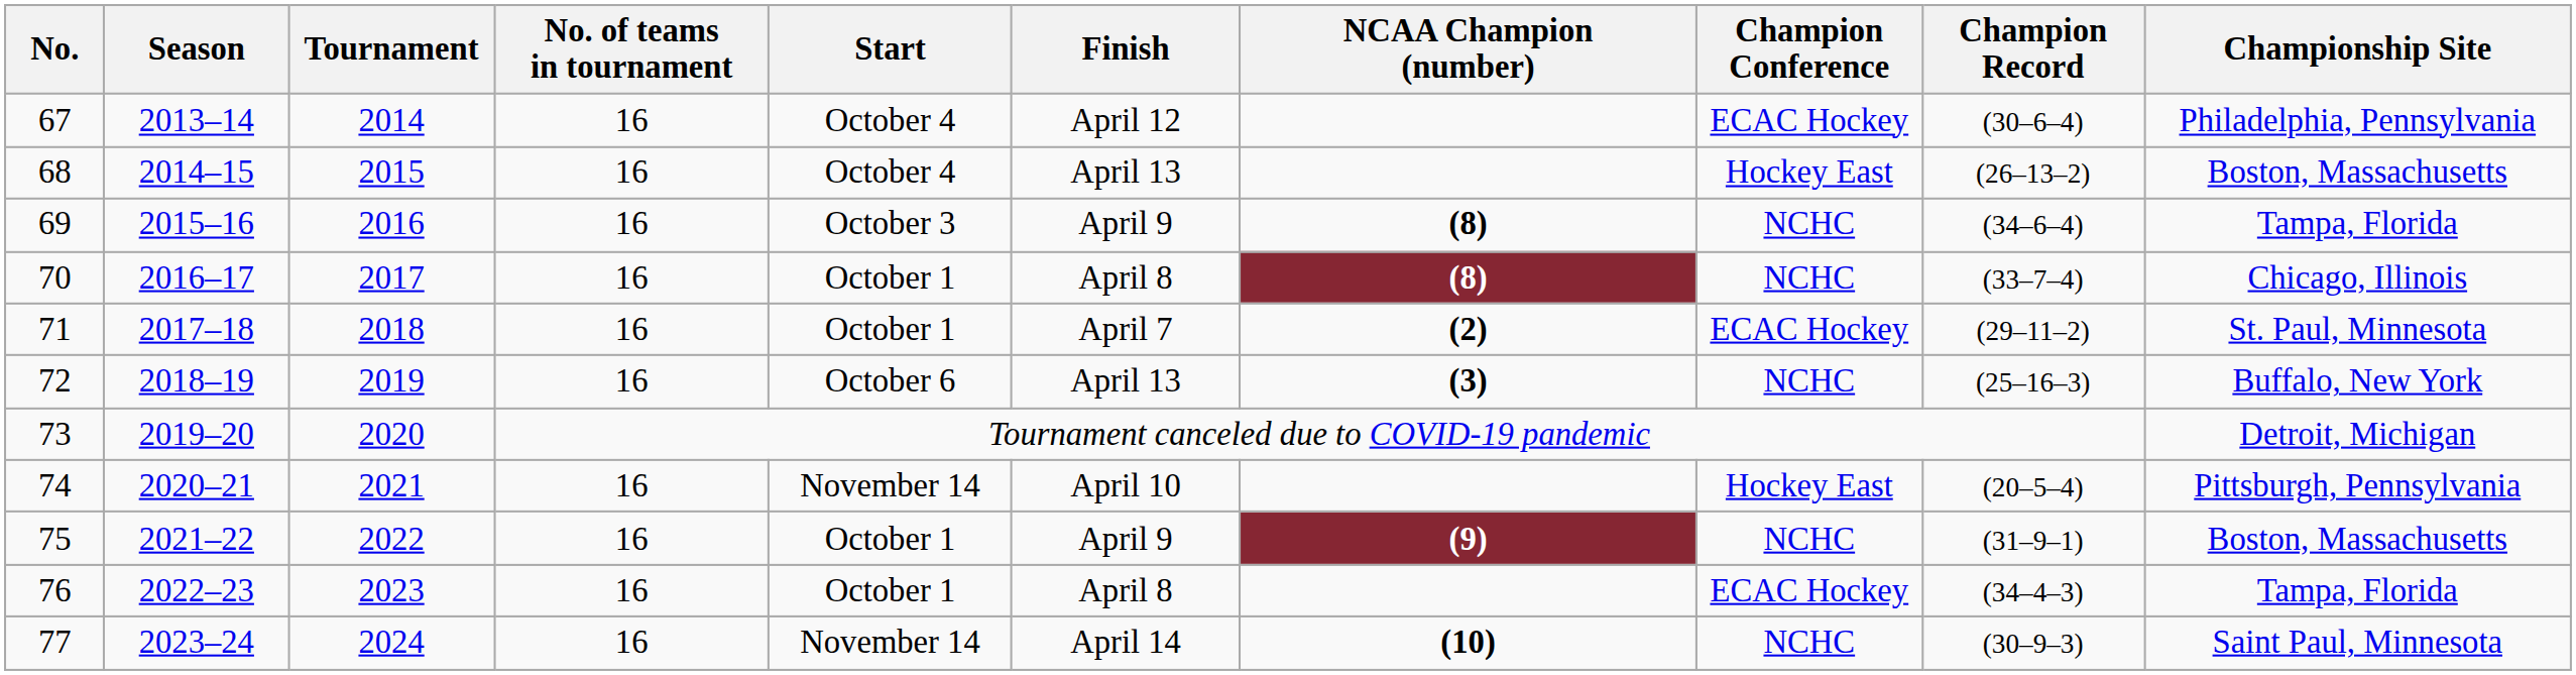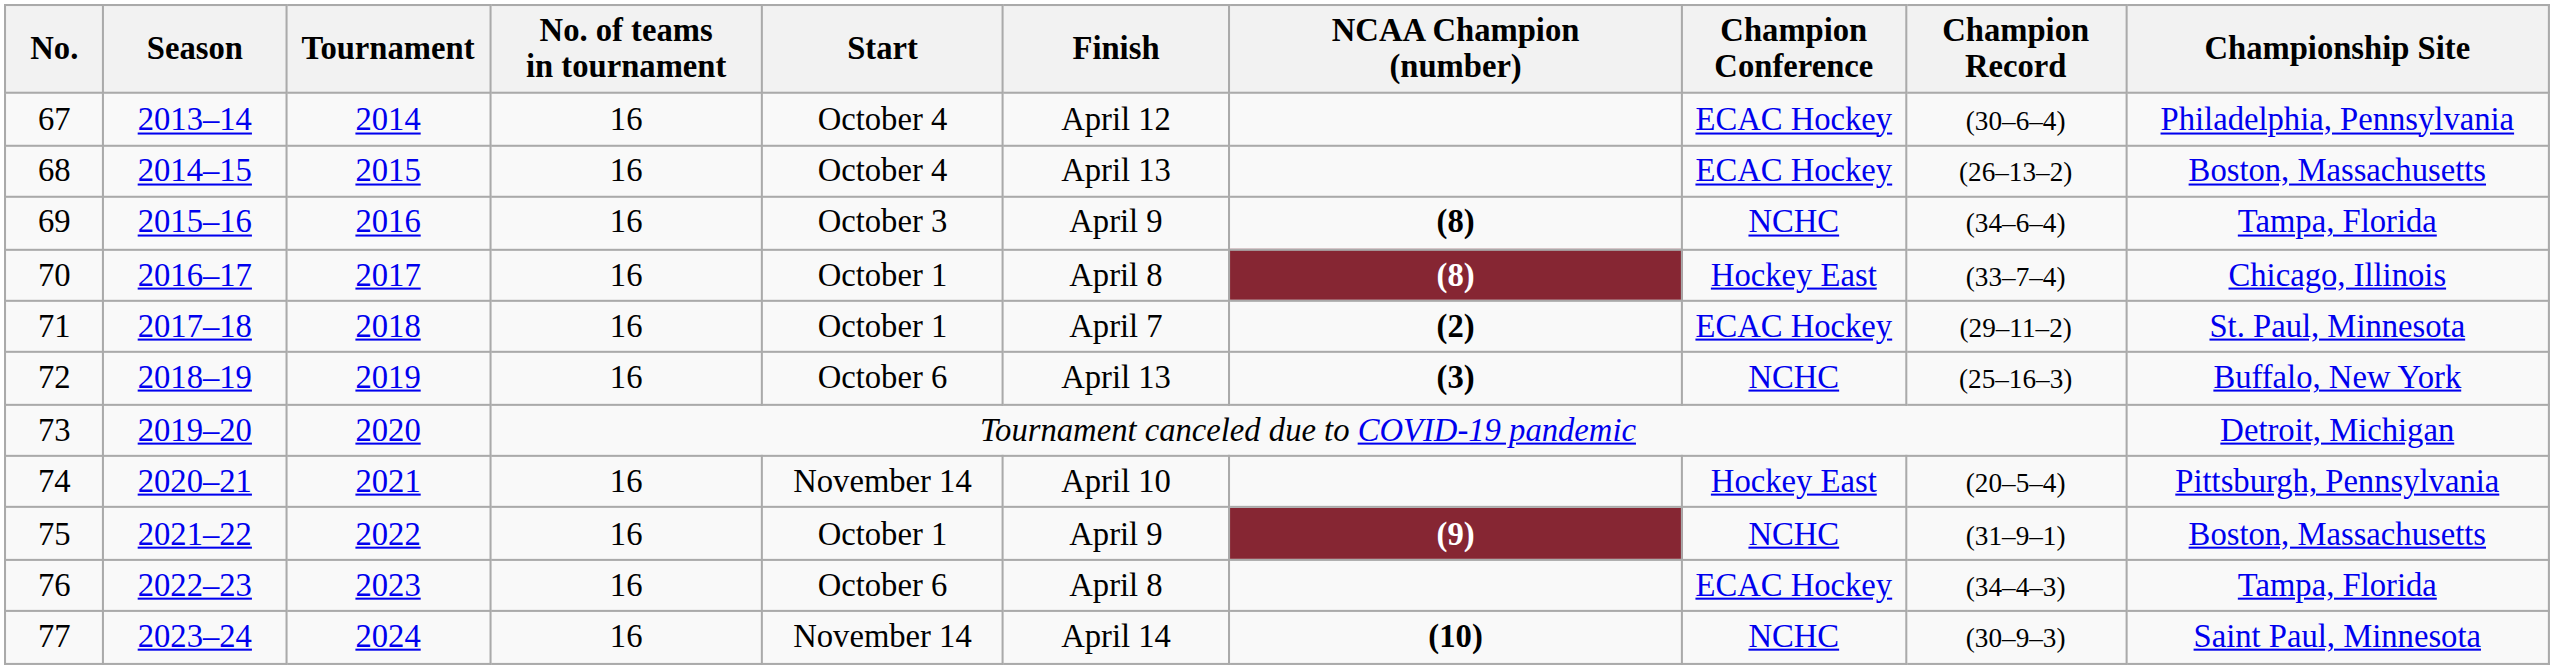 <table class="wikitable">
 <tr>
 <th style="width:3em">No.</th>
 <th style="width:6em">Season</th>
 <th style="width:6em">Tournament</th>
 <th style="width:9em">No. of teams<br>in tournament</th>
 <th style="width:8em">Start</th>
 <th style="width:8em">Finish</th>
 <th style="width:17em">NCAA Champion<br>(number)</th>
 <th style="width:7em">Champion<br>Conference</th>
 <th style="width:7em">Champion<br>Record</th>
 <th style="width:15em">Championship Site</th>
 </tr>
 <tr style="text-align:center;">
 <td>67</td>
 <td><a href='#'>2013–14</a></td>
 <td><a href='#'>2014</a></td>
 <td>16</td>
 <td>October 4</td>
 <td>April 12</td>
 <td><strong><a href='#'></a></strong></td>
 <td><a href='#'>ECAC Hockey</a></td>
 <td><small>(30–6–4)</small></td>
 <td><a href='#'>Philadelphia, Pennsylvania</a></td>
 </tr>
 <tr style="text-align:center;">
 <td>68</td>
 <td><a href='#'>2014–15</a></td>
 <td><a href='#'>2015</a></td>
 <td>16</td>
 <td>October 4</td>
 <td>April 13</td>
 <td><strong><a href='#'></a></strong></td>
-<td><a href='#'>Hockey East</a></td>
+<td><a href='#'>ECAC Hockey</a></td>
 <td><small>(26–13–2)</small></td>
 <td><a href='#'>Boston, Massachusetts</a></td>
 </tr>
 <tr style="text-align:center;">
 <td>69</td>
 <td><a href='#'>2015–16</a></td>
 <td><a href='#'>2016</a></td>
 <td>16</td>
 <td>October 3</td>
 <td>April 9</td>
 <td><strong><a href='#'></a> (8)</strong></td>
 <td><a href='#'>NCHC</a></td>
 <td><small>(34–6–4)</small></td>
 <td><a href='#'>Tampa, Florida</a></td>
 </tr>
 <tr style="text-align:center;">
 <td>70</td>
 <td><a href='#'>2016–17</a></td>
 <td><a href='#'>2017</a></td>
 <td>16</td>
 <td>October 1</td>
 <td>April 8</td>
 <td style="color:white; background:#862633; "><strong><a href='#'></a> (8)</strong></td>
-<td><a href='#'>NCHC</a></td>
+<td><a href='#'>Hockey East</a></td>
 <td><small>(33–7–4)</small></td>
 <td><a href='#'>Chicago, Illinois</a></td>
 </tr>
 <tr style="text-align:center;">
 <td>71</td>
 <td><a href='#'>2017–18</a></td>
 <td><a href='#'>2018</a></td>
 <td>16</td>
 <td>October 1</td>
 <td>April 7</td>
 <td><strong><a href='#'></a> (2)</strong></td>
 <td><a href='#'>ECAC Hockey</a></td>
 <td><small>(29–11–2)</small></td>
 <td><a href='#'>St. Paul, Minnesota</a></td>
 </tr>
 <tr style="text-align:center;">
 <td>72</td>
 <td><a href='#'>2018–19</a></td>
 <td><a href='#'>2019</a></td>
 <td>16</td>
 <td>October 6</td>
 <td>April 13</td>
 <td><strong><a href='#'></a> (3)</strong></td>
 <td><a href='#'>NCHC</a></td>
 <td><small>(25–16–3)</small></td>
 <td><a href='#'>Buffalo, New York</a></td>
 </tr>
 <tr style="text-align:center;">
 <td>73</td>
 <td><a href='#'>2019–20</a></td>
 <td><a href='#'>2020</a></td>
 <td colspan="6"><em>Tournament canceled due to <a href='#'>COVID-19 pandemic</a></em></td>
 <td><a href='#'>Detroit, Michigan</a></td>
 </tr>
 <tr style="text-align:center;">
 <td>74</td>
 <td><a href='#'>2020–21</a></td>
 <td><a href='#'>2021</a></td>
 <td>16</td>
 <td>November 14</td>
 <td>April 10</td>
 <td><strong><a href='#'></a></strong></td>
 <td><a href='#'>Hockey East</a></td>
 <td><small>(20–5–4)</small></td>
 <td><a href='#'>Pittsburgh, Pennsylvania</a></td>
 </tr>
 <tr align=center>
 <td>75</td>
 <td><a href='#'>2021–22</a></td>
 <td><a href='#'>2022</a></td>
 <td>16</td>
 <td>October 1</td>
 <td>April 9</td>
 <td style="color:white; background:#862633; "><strong><a href='#'></a> (9)</strong></td>
 <td><a href='#'>NCHC</a></td>
 <td><small>(31–9–1)</small></td>
 <td><a href='#'>Boston, Massachusetts</a></td>
 </tr>
 <tr align=center>
 <td>76</td>
 <td><a href='#'>2022–23</a></td>
 <td><a href='#'>2023</a></td>
 <td>16</td>
-<td>October 1</td>
+<td>October 6</td>
 <td>April 8</td>
 <td><strong><a href='#'></a></strong></td>
 <td><a href='#'>ECAC Hockey</a></td>
 <td><small>(34–4–3)</small></td>
 <td><a href='#'>Tampa, Florida</a></td>
 </tr>
 <tr align=center>
 <td>77</td>
 <td><a href='#'>2023–24</a></td>
 <td><a href='#'>2024</a></td>
 <td>16</td>
 <td>November 14</td>
 <td>April 14</td>
 <td><strong><a href='#'></a> (10)</strong></td>
 <td><a href='#'>NCHC</a></td>
 <td><small>(30–9–3)</small></td>
 <td><a href='#'>Saint Paul, Minnesota</a></td>
 </tr>
 </table>
